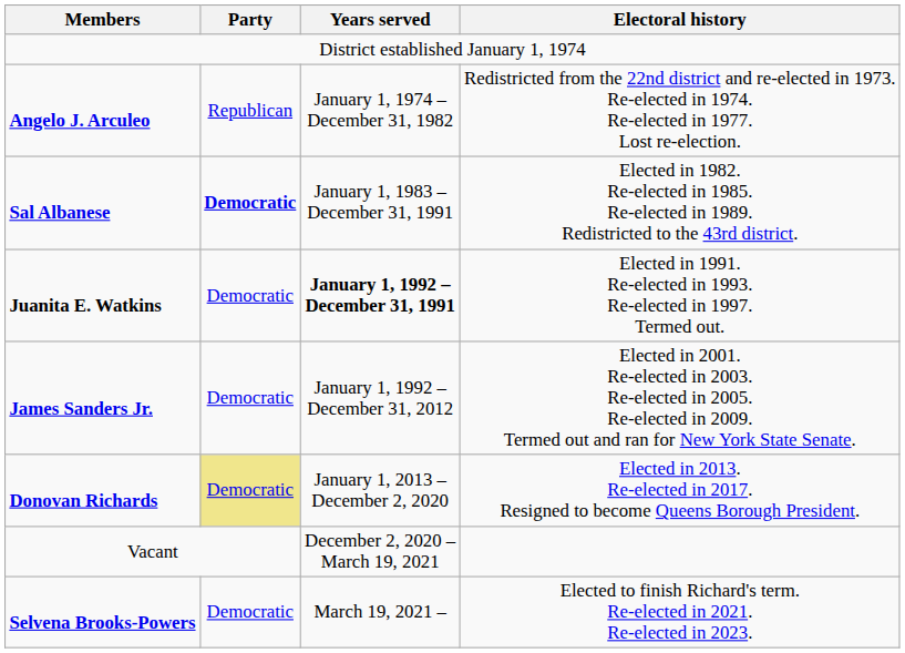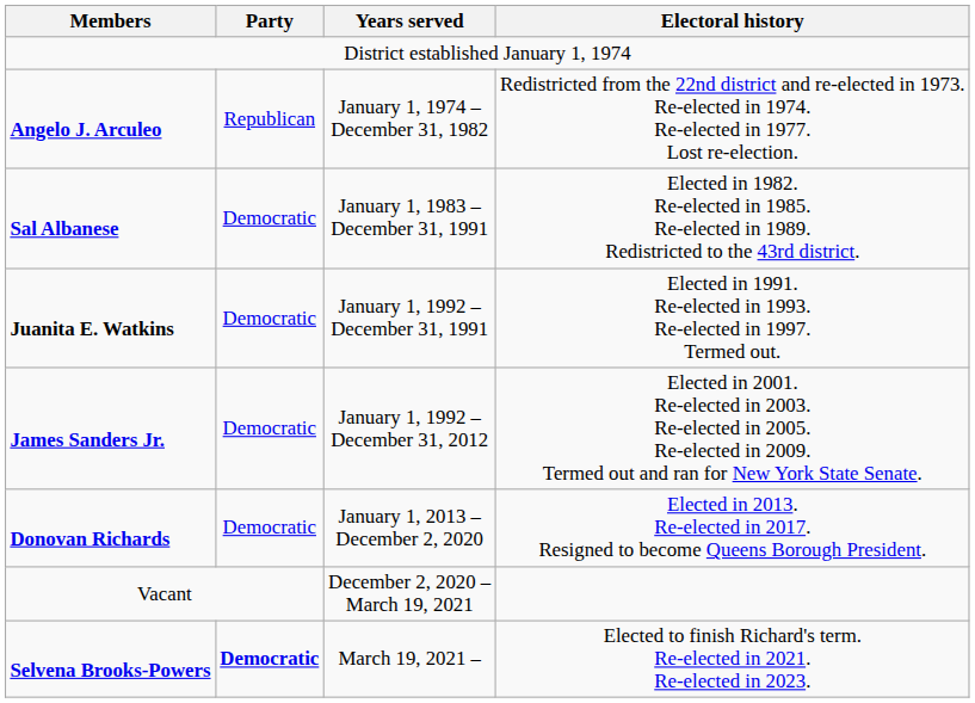 <table class=wikitable style="text-align:center">
 <tr>
 <th>Members</th>
 <th>Party</th>
 <th>Years served</th>
 <th>Electoral history</th>
 </tr>
 <tr>
 <td colspan=5>District established January 1, 1974</td>
 </tr>
 <tr>
 <td align=left><br> <strong><a href='#'>Angelo J. Arculeo</a></strong> <br></td>
 <td><a href='#'>Republican</a></td>
 <td>January 1, 1974 – <br> December 31, 1982</td>
 <td>Redistricted from the <a href='#'>22nd district</a> and re-elected in 1973. <br> Re-elected in 1974. <br> Re-elected in 1977. <br> Lost re-election.</td>
 </tr>
 <tr>
 <td align=left><br><strong><a href='#'>Sal Albanese</a></strong><br></td>
-<td><strong><a href='#'>Democratic</a></strong></td>
+<td><a href='#'>Democratic</a></td>
 <td>January 1, 1983 – <br> December 31, 1991</td>
 <td>Elected in 1982. <br> Re-elected in 1985. <br> Re-elected in 1989. <br> Redistricted to the <a href='#'>43rd district</a>.</td>
 </tr>
 <tr>
 <td align=left><br><strong>Juanita E. Watkins</strong><br></td>
 <td><a href='#'>Democratic</a></td>
-<td><strong>January 1, 1992 – <br> December 31, 1991</strong></td>
+<td>January 1, 1992 – <br> December 31, 1991</td>
 <td>Elected in 1991. <br> Re-elected in 1993. <br> Re-elected in 1997. <br> Termed out.</td>
 </tr>
 <tr>
 <td align=left><br><strong><a href='#'>James Sanders Jr.</a></strong><br></td>
 <td><a href='#'>Democratic</a></td>
 <td>January 1, 1992 – <br> December 31, 2012</td>
 <td>Elected in 2001. <br> Re-elected in 2003. <br> Re-elected in 2005. <br> Re-elected in 2009. <br> Termed out and ran for <a href='#'>New York State Senate</a>.</td>
 </tr>
 <tr>
 <td align=left><br><strong><a href='#'>Donovan Richards</a></strong><br></td>
-<td style="background: khaki;"><a href='#'>Democratic</a></td>
+<td><a href='#'>Democratic</a></td>
 <td>January 1, 2013 – <br> December 2, 2020</td>
 <td><a href='#'>Elected in 2013</a>. <br> <a href='#'>Re-elected in 2017</a>. <br> Resigned to become <a href='#'>Queens Borough President</a>.</td>
 </tr>
 <tr>
 <td colspan=2>Vacant</td>
 <td>December 2, 2020 – <br> March 19, 2021</td>
 <td></td>
 </tr>
 <tr>
 <td align=left><br><strong><a href='#'>Selvena Brooks-Powers</a></strong><br></td>
-<td><a href='#'>Democratic</a></td>
+<td><strong><a href='#'>Democratic</a></strong></td>
 <td>March 19, 2021 – <br></td>
 <td>Elected to finish Richard's term. <br> <a href='#'>Re-elected in 2021</a>. <br> <a href='#'>Re-elected in 2023</a>.</td>
 </tr>
 </table>
